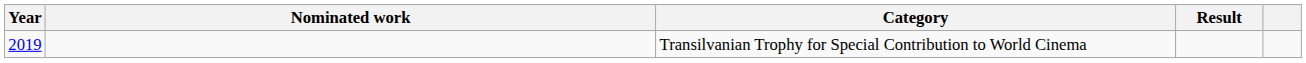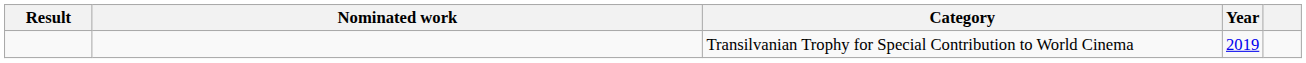 <table class="wikitable sortable">
 <tr>
-<th scope="col" style="width:1em;">Year</th>
+<th scope="col" style="width:5em;">Result</th>
 <th scope="col" style="width:39em;">Nominated work</th>
 <th scope="col" style="width:33em;">Category</th>
-<th scope="col" style="width:5em;">Result</th>
+<th scope="col" style="width:1em;">Year</th>
 <th scope="col" style="width:2em;" class="unsortable"></th>
 </tr>
 <tr>
-<td><a href='#'>2019</a></td>
+<td></td>
 <td></td>
 <td>Transilvanian Trophy for Special Contribution to World Cinema</td>
-<td></td>
+<td><a href='#'>2019</a></td>
 <td style="text-align:center;"></td>
 </tr>
 </table>
